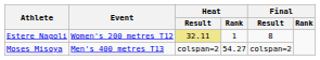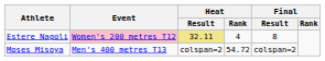 <table class="wikitable" style="text-align: center; font-size:90%">
 <tr>
 <th rowspan="2">Athlete</th>
 <th rowspan="2">Event</th>
 <th colspan="2">Heat</th>
 <th colspan="2">Final</th>
 </tr>
 <tr style="font-size:95%">
 <th>Result</th>
 <th>Rank</th>
 <th>Result</th>
 <th>Rank</th>
 </tr>
 <tr>
 <td align=left><a href='#'>Estere Nagoli</a></td>
-<td align=left><a href='#'>Women's 200 metres T12</a></td>
+<td align=left style="background: pink;"><a href='#'>Women's 200 metres T12</a></td>
 <td style="background: khaki;">32.11</td>
-<td>1</td>
+<td>4</td>
 <td>8</td>
 </tr>
 <tr>
 <td align=left><a href='#'>Moses Misoya</a></td>
 <td align=left><a href='#'>Men's 400 metres T13</a></td>
 <td>colspan=2 </td>
-<td>54.27</td>
+<td>54.72</td>
 <td>colspan=2 </td>
 </tr>
 </table>
